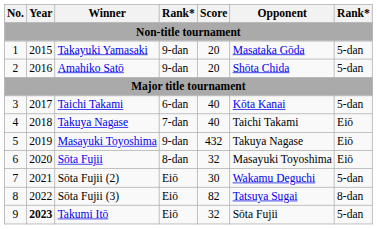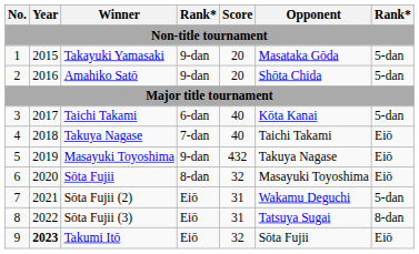 <table class="wikitable">
 <tr>
 <th>No.</th>
 <th>Year</th>
 <th>Winner</th>
 <th>Rank*</th>
 <th>Score</th>
 <th>Opponent</th>
 <th>Rank*</th>
 </tr>
 <tr>
 <th colspan= "7" style="tex-align:center;  background: #AAAAAA;"><strong>Non-title tournament</strong></th>
 </tr>
 <tr>
 <td align=center>1</td>
 <td>2015</td>
 <td><a href='#'>Takayuki Yamasaki</a></td>
 <td>9-dan</td>
 <td align=center>20</td>
 <td><a href='#'>Masataka Gōda</a></td>
 <td>5-dan</td>
 </tr>
 <tr>
 <td align=center>2</td>
 <td>2016</td>
 <td><a href='#'>Amahiko Satō</a></td>
 <td>9-dan</td>
 <td align=center>20</td>
 <td><a href='#'>Shōta Chida</a></td>
 <td>5-dan</td>
 </tr>
 <tr>
 <th colspan = "7"  style="text-align:center; background: #AAAAAA;"><strong>Major title tournament</strong></th>
 </tr>
 <tr>
 <td align=center>3</td>
 <td>2017</td>
 <td><a href='#'>Taichi Takami</a></td>
 <td>6-dan</td>
 <td align=center>40</td>
 <td><a href='#'>Kōta Kanai</a></td>
 <td>5-dan</td>
 </tr>
 <tr>
 <td align=center>4</td>
 <td>2018</td>
 <td><a href='#'>Takuya Nagase</a></td>
 <td>7-dan</td>
 <td align=center>40</td>
 <td>Taichi Takami</td>
 <td>Eiō</td>
 </tr>
 <tr>
 <td align=center>5</td>
 <td>2019</td>
 <td><a href='#'>Masayuki Toyoshima</a></td>
 <td>9-dan</td>
 <td align=center>432</td>
 <td>Takuya Nagase</td>
 <td>Eiō</td>
 </tr>
 <tr>
 <td align=center>6</td>
 <td>2020</td>
 <td><a href='#'>Sōta Fujii</a></td>
 <td>8-dan</td>
 <td align=center>32</td>
 <td>Masayuki Toyoshima</td>
 <td>Eiō</td>
 </tr>
 <tr>
 <td align=center>7</td>
 <td>2021</td>
 <td>Sōta Fujii (2)</td>
 <td>Eiō</td>
-<td align=center>30</td>
+<td align=center>31</td>
 <td><a href='#'>Wakamu Deguchi</a></td>
 <td>5-dan</td>
 </tr>
 <tr>
 <td align=center>8</td>
 <td>2022</td>
 <td>Sōta Fujii (3)</td>
 <td>Eiō</td>
-<td align=center>82</td>
+<td align=center>31</td>
 <td><a href='#'>Tatsuya Sugai</a></td>
 <td>8-dan</td>
 </tr>
 <tr>
 <td align=center>9</td>
 <td><strong>2023</strong></td>
 <td><a href='#'>Takumi Itō</a></td>
 <td>Eiō</td>
 <td align=center>32</td>
 <td>Sōta Fujii</td>
-<td>5-dan</td>
+<td>Eiō</td>
 </tr>
 </table>
